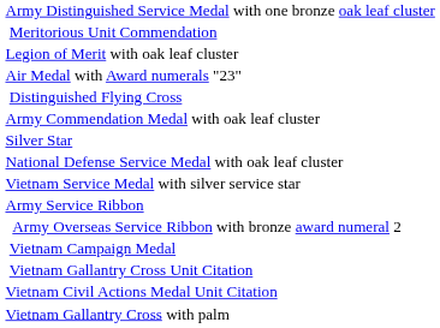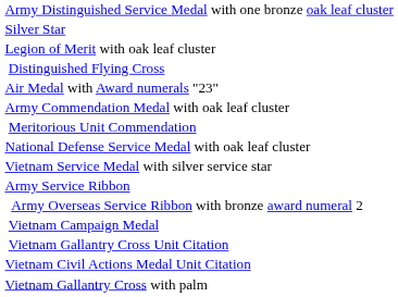 <table>
 <tr>
 <td> <a href='#'>Army Distinguished Service Medal</a> with one bronze <a href='#'>oak leaf cluster</a></td>
 </tr>
 <tr>
-<td> <a href='#'>Meritorious Unit Commendation</a></td>
+<td> <a href='#'>Silver Star</a></td>
 </tr>
 <tr>
 <td> <a href='#'>Legion of Merit</a> with oak leaf cluster</td>
 </tr>
 <tr>
-<td><span></span><span></span> <a href='#'>Air Medal</a> with <a href='#'>Award numerals</a> "23"</td>
+<td> <a href='#'>Distinguished Flying Cross</a></td>
 </tr>
 <tr>
-<td> <a href='#'>Distinguished Flying Cross</a></td>
+<td><span></span><span></span> <a href='#'>Air Medal</a> with <a href='#'>Award numerals</a> "23"</td>
 </tr>
 <tr>
 <td> <a href='#'>Army Commendation Medal</a> with oak leaf cluster</td>
 </tr>
 <tr>
-<td> <a href='#'>Silver Star</a></td>
+<td> <a href='#'>Meritorious Unit Commendation</a></td>
 </tr>
 <tr>
 <td> <a href='#'>National Defense Service Medal</a> with oak leaf cluster</td>
 </tr>
 <tr>
 <td> <a href='#'>Vietnam Service Medal</a> with silver service star</td>
 </tr>
 <tr>
 <td> <a href='#'>Army Service Ribbon</a></td>
 </tr>
 <tr>
 <td><span></span>  <a href='#'>Army Overseas Service Ribbon</a> with bronze <a href='#'>award numeral</a> 2</td>
 </tr>
 <tr>
 <td> <a href='#'>Vietnam Campaign Medal</a></td>
 </tr>
 <tr>
 <td> <a href='#'>Vietnam Gallantry Cross Unit Citation</a></td>
 </tr>
 <tr>
 <td> <a href='#'>Vietnam Civil Actions Medal Unit Citation</a></td>
 </tr>
 <tr>
 <td> <a href='#'>Vietnam Gallantry Cross</a> with palm</td>
 </tr>
 </table>
